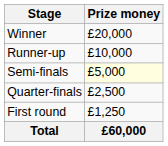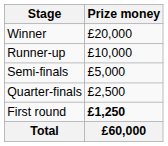 <table class="wikitable">
 <tr>
 <th>Stage</th>
 <th>Prize money</th>
 </tr>
 <tr>
 <td>Winner</td>
 <td>£20,000</td>
 </tr>
 <tr>
 <td>Runner-up</td>
 <td>£10,000</td>
 </tr>
 <tr>
 <td>Semi-finals</td>
-<td style="background: lightyellow;">£5,000</td>
+<td>£5,000</td>
 </tr>
 <tr>
 <td>Quarter-finals</td>
 <td>£2,500</td>
 </tr>
 <tr>
 <td>First round</td>
-<td>£1,250</td>
+<td><strong>£1,250</strong></td>
 </tr>
 <tr>
 <th>Total</th>
 <th>£60,000</th>
 </tr>
 </table>
